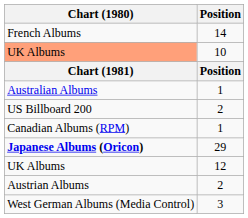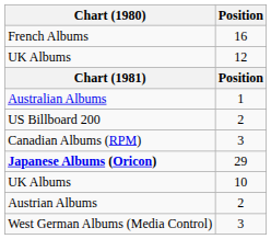 <table class="wikitable" style="text-align:center;">
 <tr>
 <th>Chart (1980)</th>
 <th>Position</th>
 </tr>
 <tr>
 <td align="left">French Albums</td>
-<td>14</td>
+<td>16</td>
 </tr>
 <tr>
-<td align="left" style="background: lightsalmon;">UK Albums</td>
-<td>10</td>
+<td align="left">UK Albums</td>
+<td>12</td>
 </tr>
 <tr>
 <th>Chart (1981)</th>
 <th>Position</th>
 </tr>
 <tr>
 <td align="left"><a href='#'>Australian Albums</a></td>
 <td>1</td>
 </tr>
 <tr>
 <td align="left">US Billboard 200</td>
 <td>2</td>
 </tr>
 <tr>
 <td align="left">Canadian Albums (<a href='#'>RPM</a>)</td>
-<td>1</td>
+<td>3</td>
 </tr>
 <tr>
 <td align="left"><strong><a href='#'>Japanese Albums</a> (<a href='#'>Oricon</a>)</strong></td>
 <td>29</td>
 </tr>
 <tr>
 <td align="left">UK Albums</td>
-<td>12</td>
+<td>10</td>
 </tr>
 <tr>
 <td align="left">Austrian Albums</td>
 <td>2</td>
 </tr>
 <tr>
 <td align="left">West German Albums (Media Control)</td>
 <td>3</td>
 </tr>
 </table>
